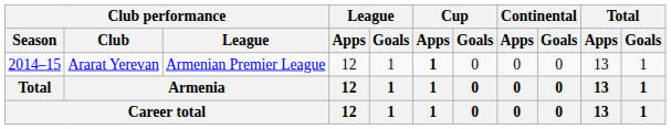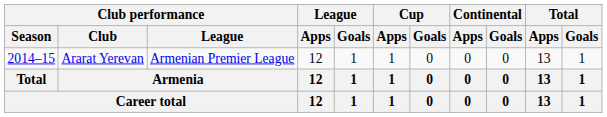 <table class="wikitable" style="text-align:center">
 <tr>
 <th colspan=3>Club performance</th>
 <th colspan=2>League</th>
 <th colspan=2>Cup</th>
 <th colspan=2>Continental</th>
 <th colspan=2>Total</th>
 </tr>
 <tr>
 <th>Season</th>
 <th>Club</th>
 <th>League</th>
 <th>Apps</th>
 <th>Goals</th>
 <th>Apps</th>
 <th>Goals</th>
 <th>Apps</th>
 <th>Goals</th>
 <th>Apps</th>
 <th>Goals</th>
 </tr>
 <tr>
 <td><a href='#'>2014–15</a></td>
 <td><a href='#'>Ararat Yerevan</a></td>
 <td><a href='#'>Armenian Premier League</a></td>
 <td>12</td>
 <td>1</td>
-<td><strong>1</strong></td>
+<td>1</td>
 <td>0</td>
 <td>0</td>
 <td>0</td>
 <td>13</td>
 <td>1</td>
 </tr>
 <tr>
 <th rowspan=1>Total</th>
 <th colspan=2>Armenia</th>
 <th>12</th>
 <th>1</th>
 <th>1</th>
 <th>0</th>
 <th>0</th>
 <th>0</th>
 <th>13</th>
 <th>1</th>
 </tr>
 <tr>
 <th colspan=3>Career total</th>
 <th>12</th>
 <th>1</th>
 <th>1</th>
 <th>0</th>
 <th>0</th>
 <th>0</th>
 <th>13</th>
 <th>1</th>
 </tr>
 </table>
